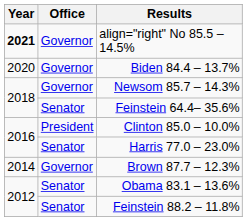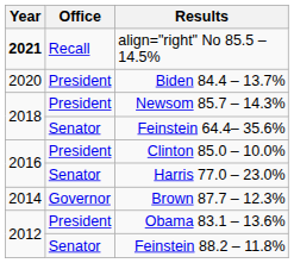 <table class=wikitable>
 <tr>
 <th width="30">Year</th>
 <th width="60">Office</th>
 <th width="180">Results</th>
 </tr>
 <tr>
 <td><strong>2021</strong></td>
-<td><a href='#'>Governor</a></td>
+<td><a href='#'>Recall</a></td>
 <td>align="right"  No 85.5 – 14.5%</td>
 </tr>
 <tr>
 <td rowspan="1">2020</td>
-<td><a href='#'>Governor</a></td>
+<td><a href='#'>President</a></td>
 <td align="right" ><a href='#'>Biden</a> 84.4 – 13.7%</td>
 </tr>
 <tr>
 <td rowspan="2">2018</td>
-<td><a href='#'>Governor</a></td>
+<td><a href='#'>President</a></td>
 <td align="right" ><a href='#'>Newsom</a> 85.7 – 14.3%</td>
 </tr>
 <tr>
 <td><a href='#'>Senator</a></td>
 <td align="right" ><a href='#'>Feinstein</a> 64.4– 35.6%</td>
 </tr>
 <tr>
 <td rowspan="2">2016</td>
 <td><a href='#'>President</a></td>
 <td align="right" ><a href='#'>Clinton</a> 85.0 – 10.0%</td>
 </tr>
 <tr>
 <td><a href='#'>Senator</a></td>
 <td align="right" ><a href='#'>Harris</a> 77.0 – 23.0%</td>
 </tr>
 <tr>
 <td>2014</td>
 <td><a href='#'>Governor</a></td>
 <td align="right" ><a href='#'>Brown</a> 87.7 – 12.3%</td>
 </tr>
 <tr>
 <td rowspan="2">2012</td>
-<td><a href='#'>Senator</a></td>
+<td><a href='#'>President</a></td>
 <td align="right" ><a href='#'>Obama</a> 83.1 – 13.6%</td>
 </tr>
 <tr>
 <td><a href='#'>Senator</a></td>
 <td align="right" ><a href='#'>Feinstein</a> 88.2 – 11.8%</td>
 </tr>
 </table>
